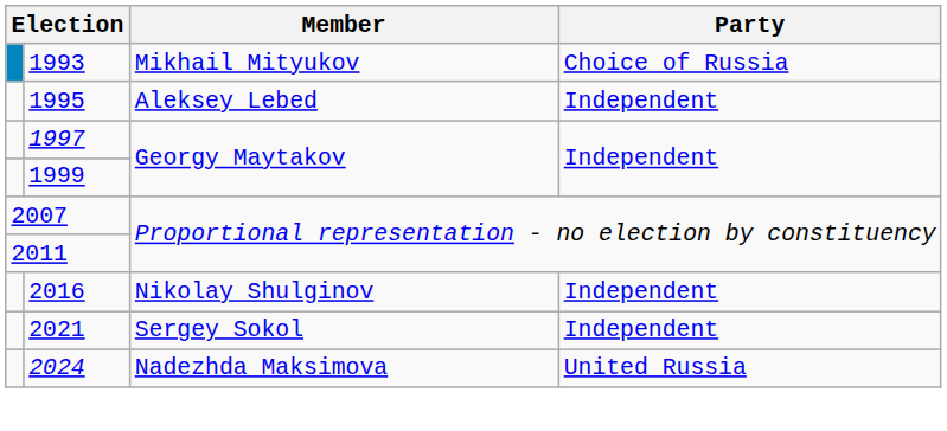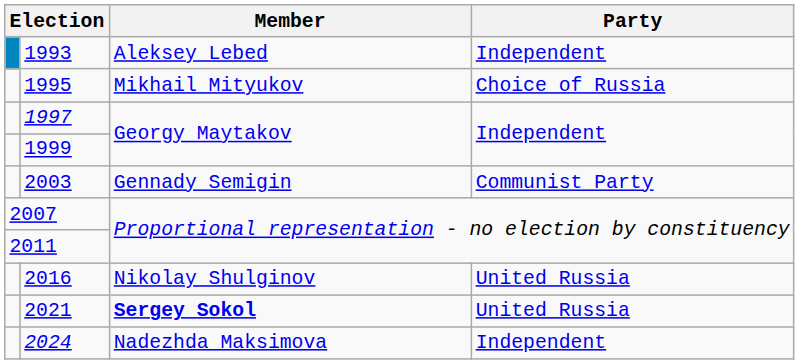 <table class="wikitable">
 <tr>
 <th colspan="2">Election</th>
 <th>Member</th>
 <th>Party</th>
 </tr>
 <tr>
 <td style="background-color:#0085BE"></td>
 <td><a href='#'>1993</a></td>
-<td><a href='#'>Mikhail Mityukov</a></td>
-<td><a href='#'>Choice of Russia</a></td>
+<td><a href='#'>Aleksey Lebed</a></td>
+<td><a href='#'>Independent</a></td>
 </tr>
 <tr>
 <td style="background-color:"></td>
 <td><a href='#'>1995</a></td>
-<td><a href='#'>Aleksey Lebed</a></td>
-<td><a href='#'>Independent</a></td>
+<td><a href='#'>Mikhail Mityukov</a></td>
+<td><a href='#'>Choice of Russia</a></td>
 </tr>
 <tr>
 <td style="background-color:"></td>
 <td><em><a href='#'>1997</a></em></td>
 <td rowspan=2><a href='#'>Georgy Maytakov</a></td>
 <td rowspan=2><a href='#'>Independent</a></td>
 </tr>
 <tr>
 <td style="background-color:"></td>
 <td><a href='#'>1999</a></td>
 </tr>
 <tr>
+<td style="background-color:"></td>
+<td><a href='#'>2003</a></td>
+<td><a href='#'>Gennady Semigin</a></td>
+<td><a href='#'>Communist Party</a></td>
+</tr>
+<tr>
 <td colspan=2><a href='#'>2007</a></td>
 <td colspan=2 rowspan=2><em><a href='#'>Proportional representation</a> - no election by constituency</em></td>
 </tr>
 <tr>
 <td colspan=2><a href='#'>2011</a></td>
 </tr>
 <tr>
 <td style="background-color: "></td>
 <td><a href='#'>2016</a></td>
 <td><a href='#'>Nikolay Shulginov</a></td>
-<td><a href='#'>Independent</a></td>
+<td><a href='#'>United Russia</a></td>
 </tr>
 <tr>
 <td style="background-color: "></td>
 <td><a href='#'>2021</a></td>
-<td><a href='#'>Sergey Sokol</a></td>
-<td><a href='#'>Independent</a></td>
+<td><strong><a href='#'>Sergey Sokol</a></strong></td>
+<td><a href='#'>United Russia</a></td>
 </tr>
 <tr>
 <td style="background-color:"></td>
 <td><em><a href='#'>2024</a></em></td>
 <td><a href='#'>Nadezhda Maksimova</a></td>
-<td><a href='#'>United Russia</a></td>
+<td><a href='#'>Independent</a></td>
 </tr>
 </table>
